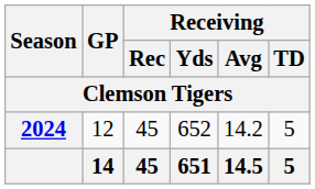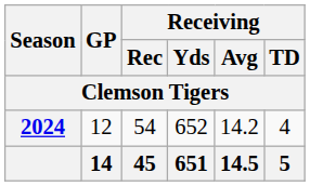 <table class="wikitable" style="text-align:center;">
 <tr>
 <th rowspan="2">Season</th>
 <th rowspan="2">GP</th>
 <th colspan="4">Receiving</th>
 </tr>
 <tr>
 <th>Rec</th>
 <th>Yds</th>
 <th>Avg</th>
 <th>TD</th>
 </tr>
 <tr>
 <th colspan="11">Clemson Tigers</th>
 </tr>
 <tr>
 <th><a href='#'>2024</a></th>
 <td>12</td>
-<td>45</td>
+<td>54</td>
 <td>652</td>
 <td>14.2</td>
-<td>5</td>
+<td>4</td>
 </tr>
 <tr>
 <th></th>
 <th>14</th>
 <th>45</th>
 <th>651</th>
 <th>14.5</th>
 <th>5</th>
 </tr>
 </table>
